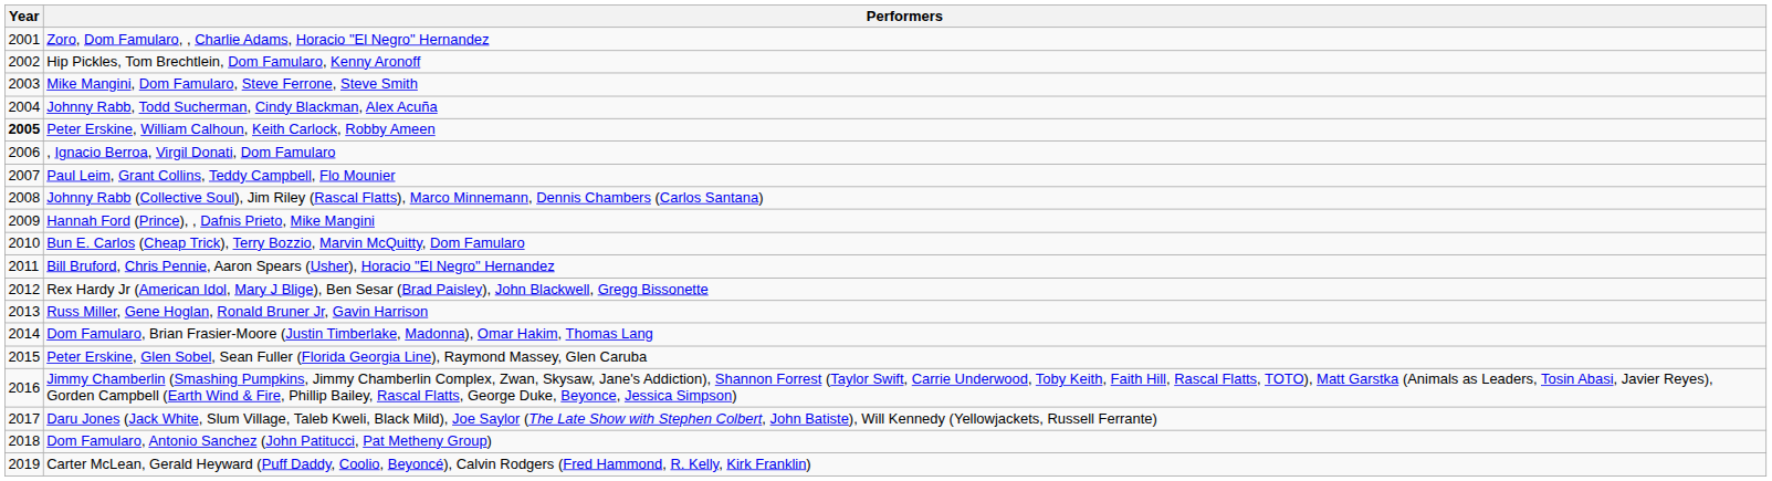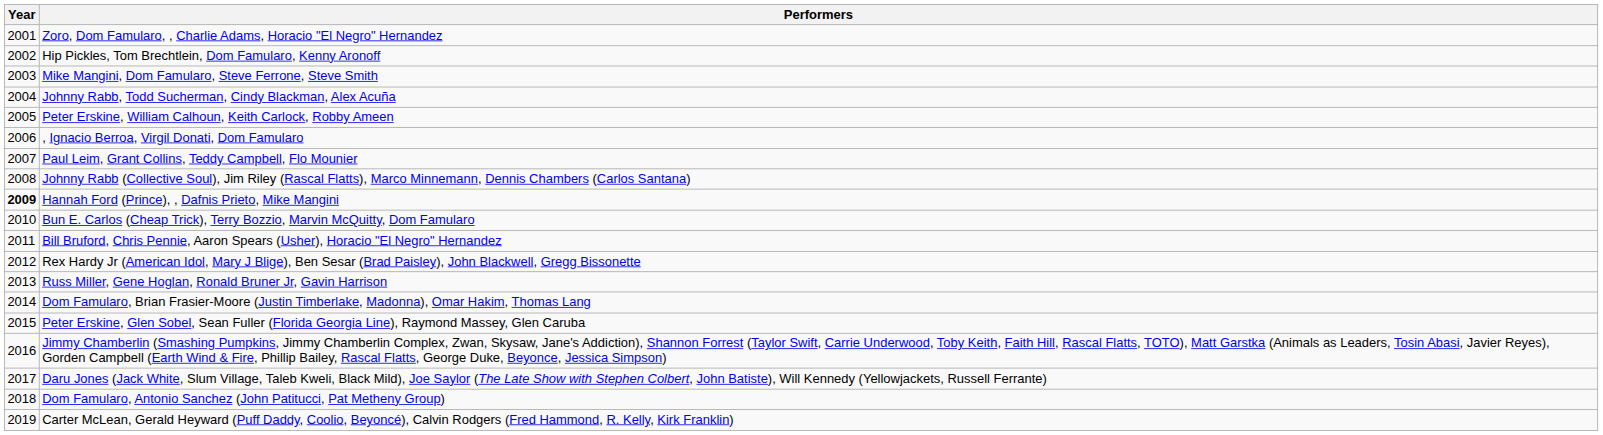 <table class="wikitable">
 <tr>
 <th>Year</th>
 <th>Performers</th>
 </tr>
 <tr>
 <td>2001</td>
 <td><a href='#'>Zoro</a>, <a href='#'>Dom Famularo</a>, , <a href='#'>Charlie Adams</a>, <a href='#'>Horacio "El Negro" Hernandez</a></td>
 </tr>
 <tr>
 <td>2002</td>
 <td>Hip Pickles, Tom Brechtlein, <a href='#'>Dom Famularo</a>, <a href='#'>Kenny Aronoff</a></td>
 </tr>
 <tr>
 <td>2003</td>
 <td><a href='#'>Mike Mangini</a>, <a href='#'>Dom Famularo</a>, <a href='#'>Steve Ferrone</a>, <a href='#'>Steve Smith</a></td>
 </tr>
 <tr>
 <td>2004</td>
 <td><a href='#'>Johnny Rabb</a>, <a href='#'>Todd Sucherman</a>, <a href='#'>Cindy Blackman</a>, <a href='#'>Alex Acuña</a></td>
 </tr>
 <tr>
-<td><strong>2005</strong></td>
+<td>2005</td>
 <td><a href='#'>Peter Erskine</a>, <a href='#'>William Calhoun</a>, <a href='#'>Keith Carlock</a>, <a href='#'>Robby Ameen</a></td>
 </tr>
 <tr>
 <td>2006</td>
 <td>, <a href='#'>Ignacio Berroa</a>, <a href='#'>Virgil Donati</a>, <a href='#'>Dom Famularo</a></td>
 </tr>
 <tr>
 <td>2007</td>
 <td><a href='#'>Paul Leim</a>, <a href='#'>Grant Collins</a>, <a href='#'>Teddy Campbell</a>, <a href='#'>Flo Mounier</a></td>
 </tr>
 <tr>
 <td>2008</td>
 <td><a href='#'>Johnny Rabb</a> (<a href='#'>Collective Soul</a>), Jim Riley (<a href='#'>Rascal Flatts</a>), <a href='#'>Marco Minnemann</a>, <a href='#'>Dennis Chambers</a> (<a href='#'>Carlos Santana</a>)</td>
 </tr>
 <tr>
-<td>2009</td>
+<td><strong>2009</strong></td>
 <td><a href='#'>Hannah Ford</a> (<a href='#'>Prince</a>), , <a href='#'>Dafnis Prieto</a>, <a href='#'>Mike Mangini</a></td>
 </tr>
 <tr>
 <td>2010</td>
 <td><a href='#'>Bun E. Carlos</a> (<a href='#'>Cheap Trick</a>), <a href='#'>Terry Bozzio</a>, <a href='#'>Marvin McQuitty</a>, <a href='#'>Dom Famularo</a></td>
 </tr>
 <tr>
 <td>2011</td>
 <td><a href='#'>Bill Bruford</a>, <a href='#'>Chris Pennie</a>, Aaron Spears (<a href='#'>Usher</a>), <a href='#'>Horacio "El Negro" Hernandez</a></td>
 </tr>
 <tr>
 <td>2012</td>
 <td>Rex Hardy Jr (<a href='#'>American Idol</a>, <a href='#'>Mary J Blige</a>), Ben Sesar (<a href='#'>Brad Paisley</a>), <a href='#'>John Blackwell</a>, <a href='#'>Gregg Bissonette</a></td>
 </tr>
 <tr>
 <td>2013</td>
 <td><a href='#'>Russ Miller</a>, <a href='#'>Gene Hoglan</a>, <a href='#'>Ronald Bruner Jr</a>, <a href='#'>Gavin Harrison</a></td>
 </tr>
 <tr>
 <td>2014</td>
 <td><a href='#'>Dom Famularo</a>, Brian Frasier-Moore (<a href='#'>Justin Timberlake</a>, <a href='#'>Madonna</a>), <a href='#'>Omar Hakim</a>, <a href='#'>Thomas Lang</a></td>
 </tr>
 <tr>
 <td>2015</td>
 <td><a href='#'>Peter Erskine</a>, <a href='#'>Glen Sobel</a>, Sean Fuller (<a href='#'>Florida Georgia Line</a>), Raymond Massey, Glen Caruba</td>
 </tr>
 <tr>
 <td>2016</td>
 <td><a href='#'>Jimmy Chamberlin</a> (<a href='#'>Smashing Pumpkins</a>, Jimmy Chamberlin Complex, Zwan, Skysaw, Jane's Addiction), <a href='#'>Shannon Forrest</a> (<a href='#'>Taylor Swift</a>, <a href='#'>Carrie Underwood</a>, <a href='#'>Toby Keith</a>, <a href='#'>Faith Hill</a>, <a href='#'>Rascal Flatts</a>, <a href='#'>TOTO</a>), <a href='#'>Matt Garstka</a> (Animals as Leaders, <a href='#'>Tosin Abasi</a>, Javier Reyes), Gorden Campbell (<a href='#'>Earth Wind & Fire</a>, Phillip Bailey, <a href='#'>Rascal Flatts</a>, George Duke, <a href='#'>Beyonce</a>, <a href='#'>Jessica Simpson</a>)</td>
 </tr>
 <tr>
 <td>2017</td>
 <td><a href='#'>Daru Jones</a> (<a href='#'>Jack White</a>, Slum Village, Taleb Kweli, Black Mild), <a href='#'>Joe Saylor</a> (<em><a href='#'>The Late Show with Stephen Colbert</a></em>, <a href='#'>John Batiste</a>), Will Kennedy (Yellowjackets, Russell Ferrante)</td>
 </tr>
 <tr>
 <td>2018</td>
 <td><a href='#'>Dom Famularo</a>, <a href='#'>Antonio Sanchez</a> (<a href='#'>John Patitucci</a>, <a href='#'>Pat Metheny Group</a>)</td>
 </tr>
 <tr>
 <td>2019</td>
 <td>Carter McLean, Gerald Heyward (<a href='#'>Puff Daddy</a>, <a href='#'>Coolio</a>, <a href='#'>Beyoncé</a>), Calvin Rodgers (<a href='#'>Fred Hammond</a>, <a href='#'>R. Kelly</a>, <a href='#'>Kirk Franklin</a>)</td>
 </tr>
 </table>
